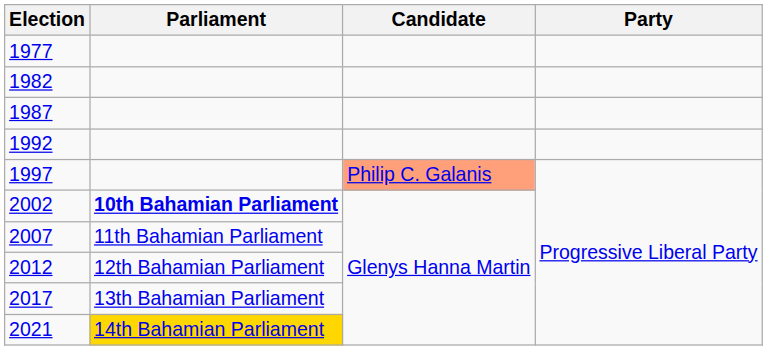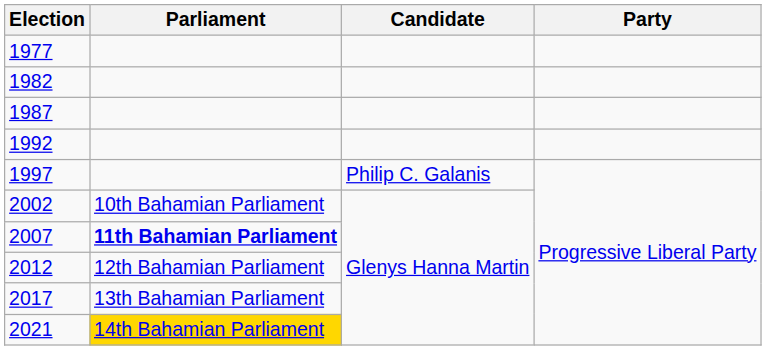 <table class="wikitable">
 <tr>
 <th>Election</th>
 <th>Parliament</th>
 <th>Candidate</th>
 <th>Party</th>
 </tr>
 <tr>
 <td><a href='#'>1977</a></td>
 <td></td>
 <td></td>
 <td></td>
 </tr>
 <tr>
 <td><a href='#'>1982</a></td>
 <td></td>
 <td></td>
 <td></td>
 </tr>
 <tr>
 <td><a href='#'>1987</a></td>
 <td></td>
 <td></td>
 <td></td>
 </tr>
 <tr>
 <td><a href='#'>1992</a></td>
 <td></td>
 <td></td>
 <td></td>
 </tr>
 <tr>
 <td><a href='#'>1997</a></td>
 <td></td>
-<td style="background: lightsalmon;"><a href='#'>Philip C. Galanis</a></td>
+<td><a href='#'>Philip C. Galanis</a></td>
 <td rowspan="6"><a href='#'>Progressive Liberal Party</a></td>
 </tr>
 <tr>
 <td><a href='#'>2002</a></td>
-<td><strong><a href='#'>10th Bahamian Parliament</a></strong></td>
+<td><a href='#'>10th Bahamian Parliament</a></td>
 <td rowspan="5"><a href='#'>Glenys Hanna Martin</a></td>
 </tr>
 <tr>
 <td><a href='#'>2007</a></td>
-<td><a href='#'>11th Bahamian Parliament</a></td>
+<td><strong><a href='#'>11th Bahamian Parliament</a></strong></td>
 </tr>
 <tr>
 <td><a href='#'>2012</a></td>
 <td><a href='#'>12th Bahamian Parliament</a></td>
 </tr>
 <tr>
 <td><a href='#'>2017</a></td>
 <td><a href='#'>13th Bahamian Parliament</a></td>
 </tr>
 <tr>
 <td><a href='#'>2021</a></td>
 <td style="background: gold;"><a href='#'>14th Bahamian Parliament</a></td>
 </tr>
 </table>
